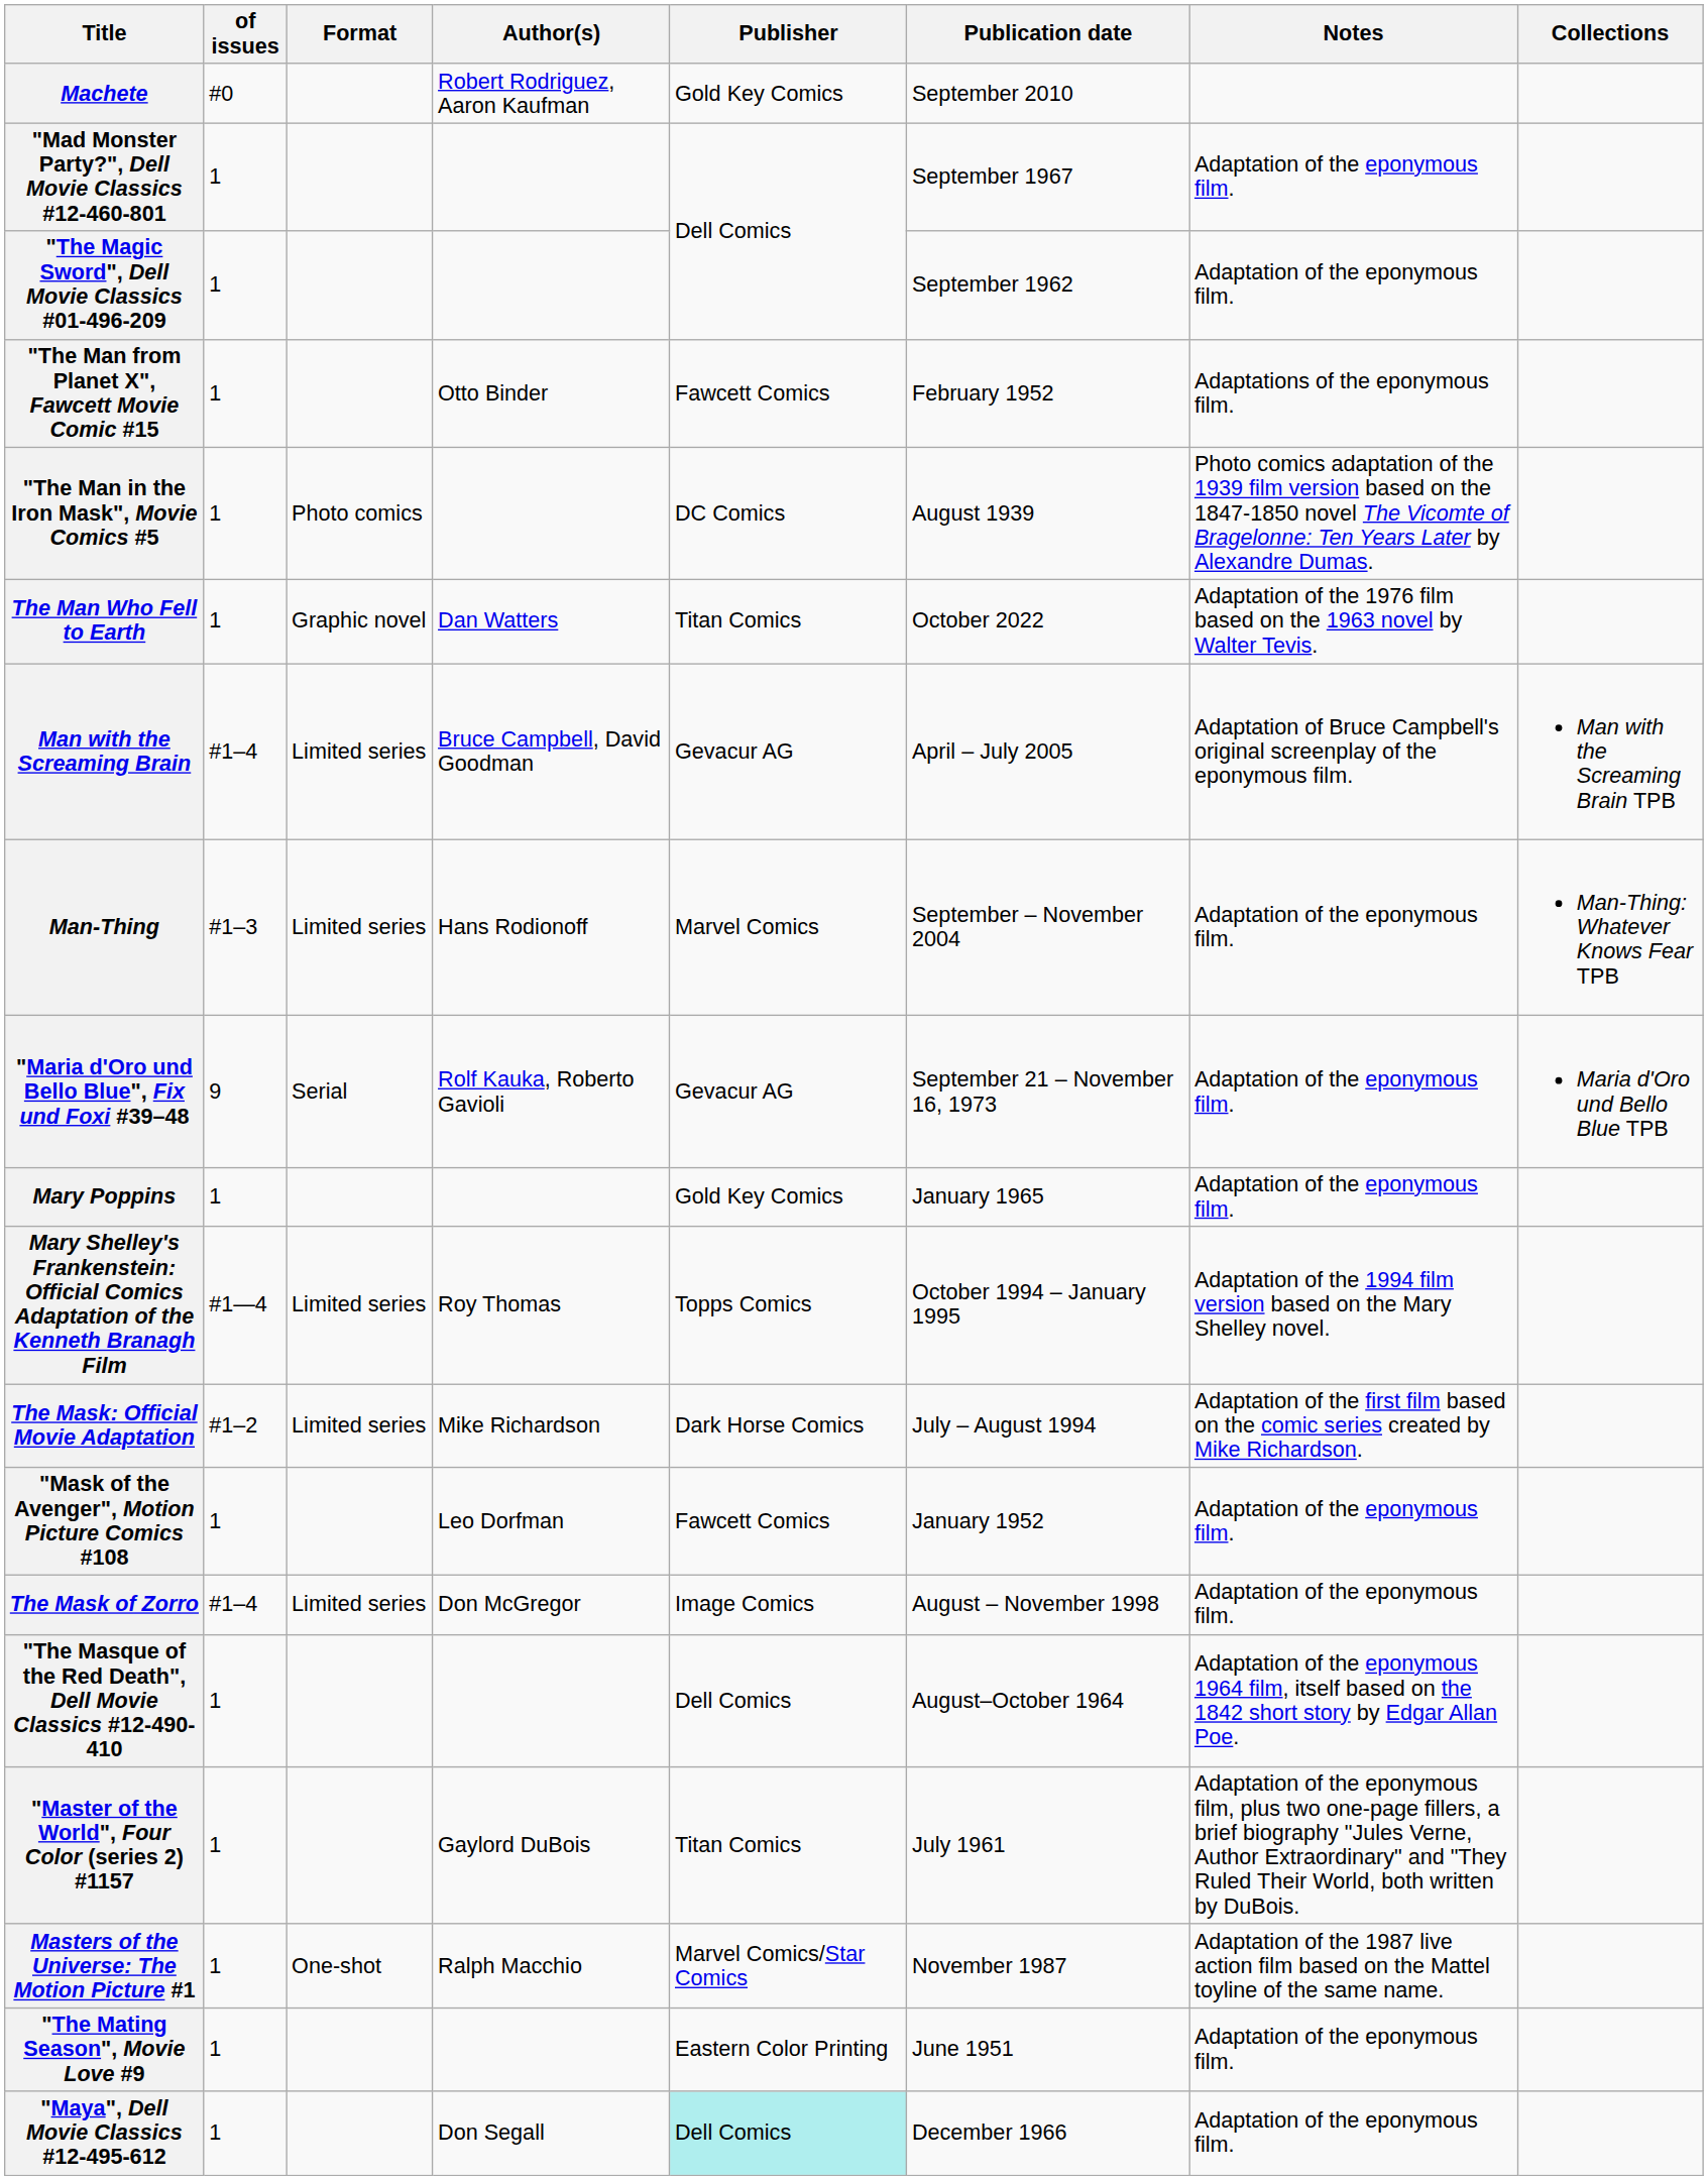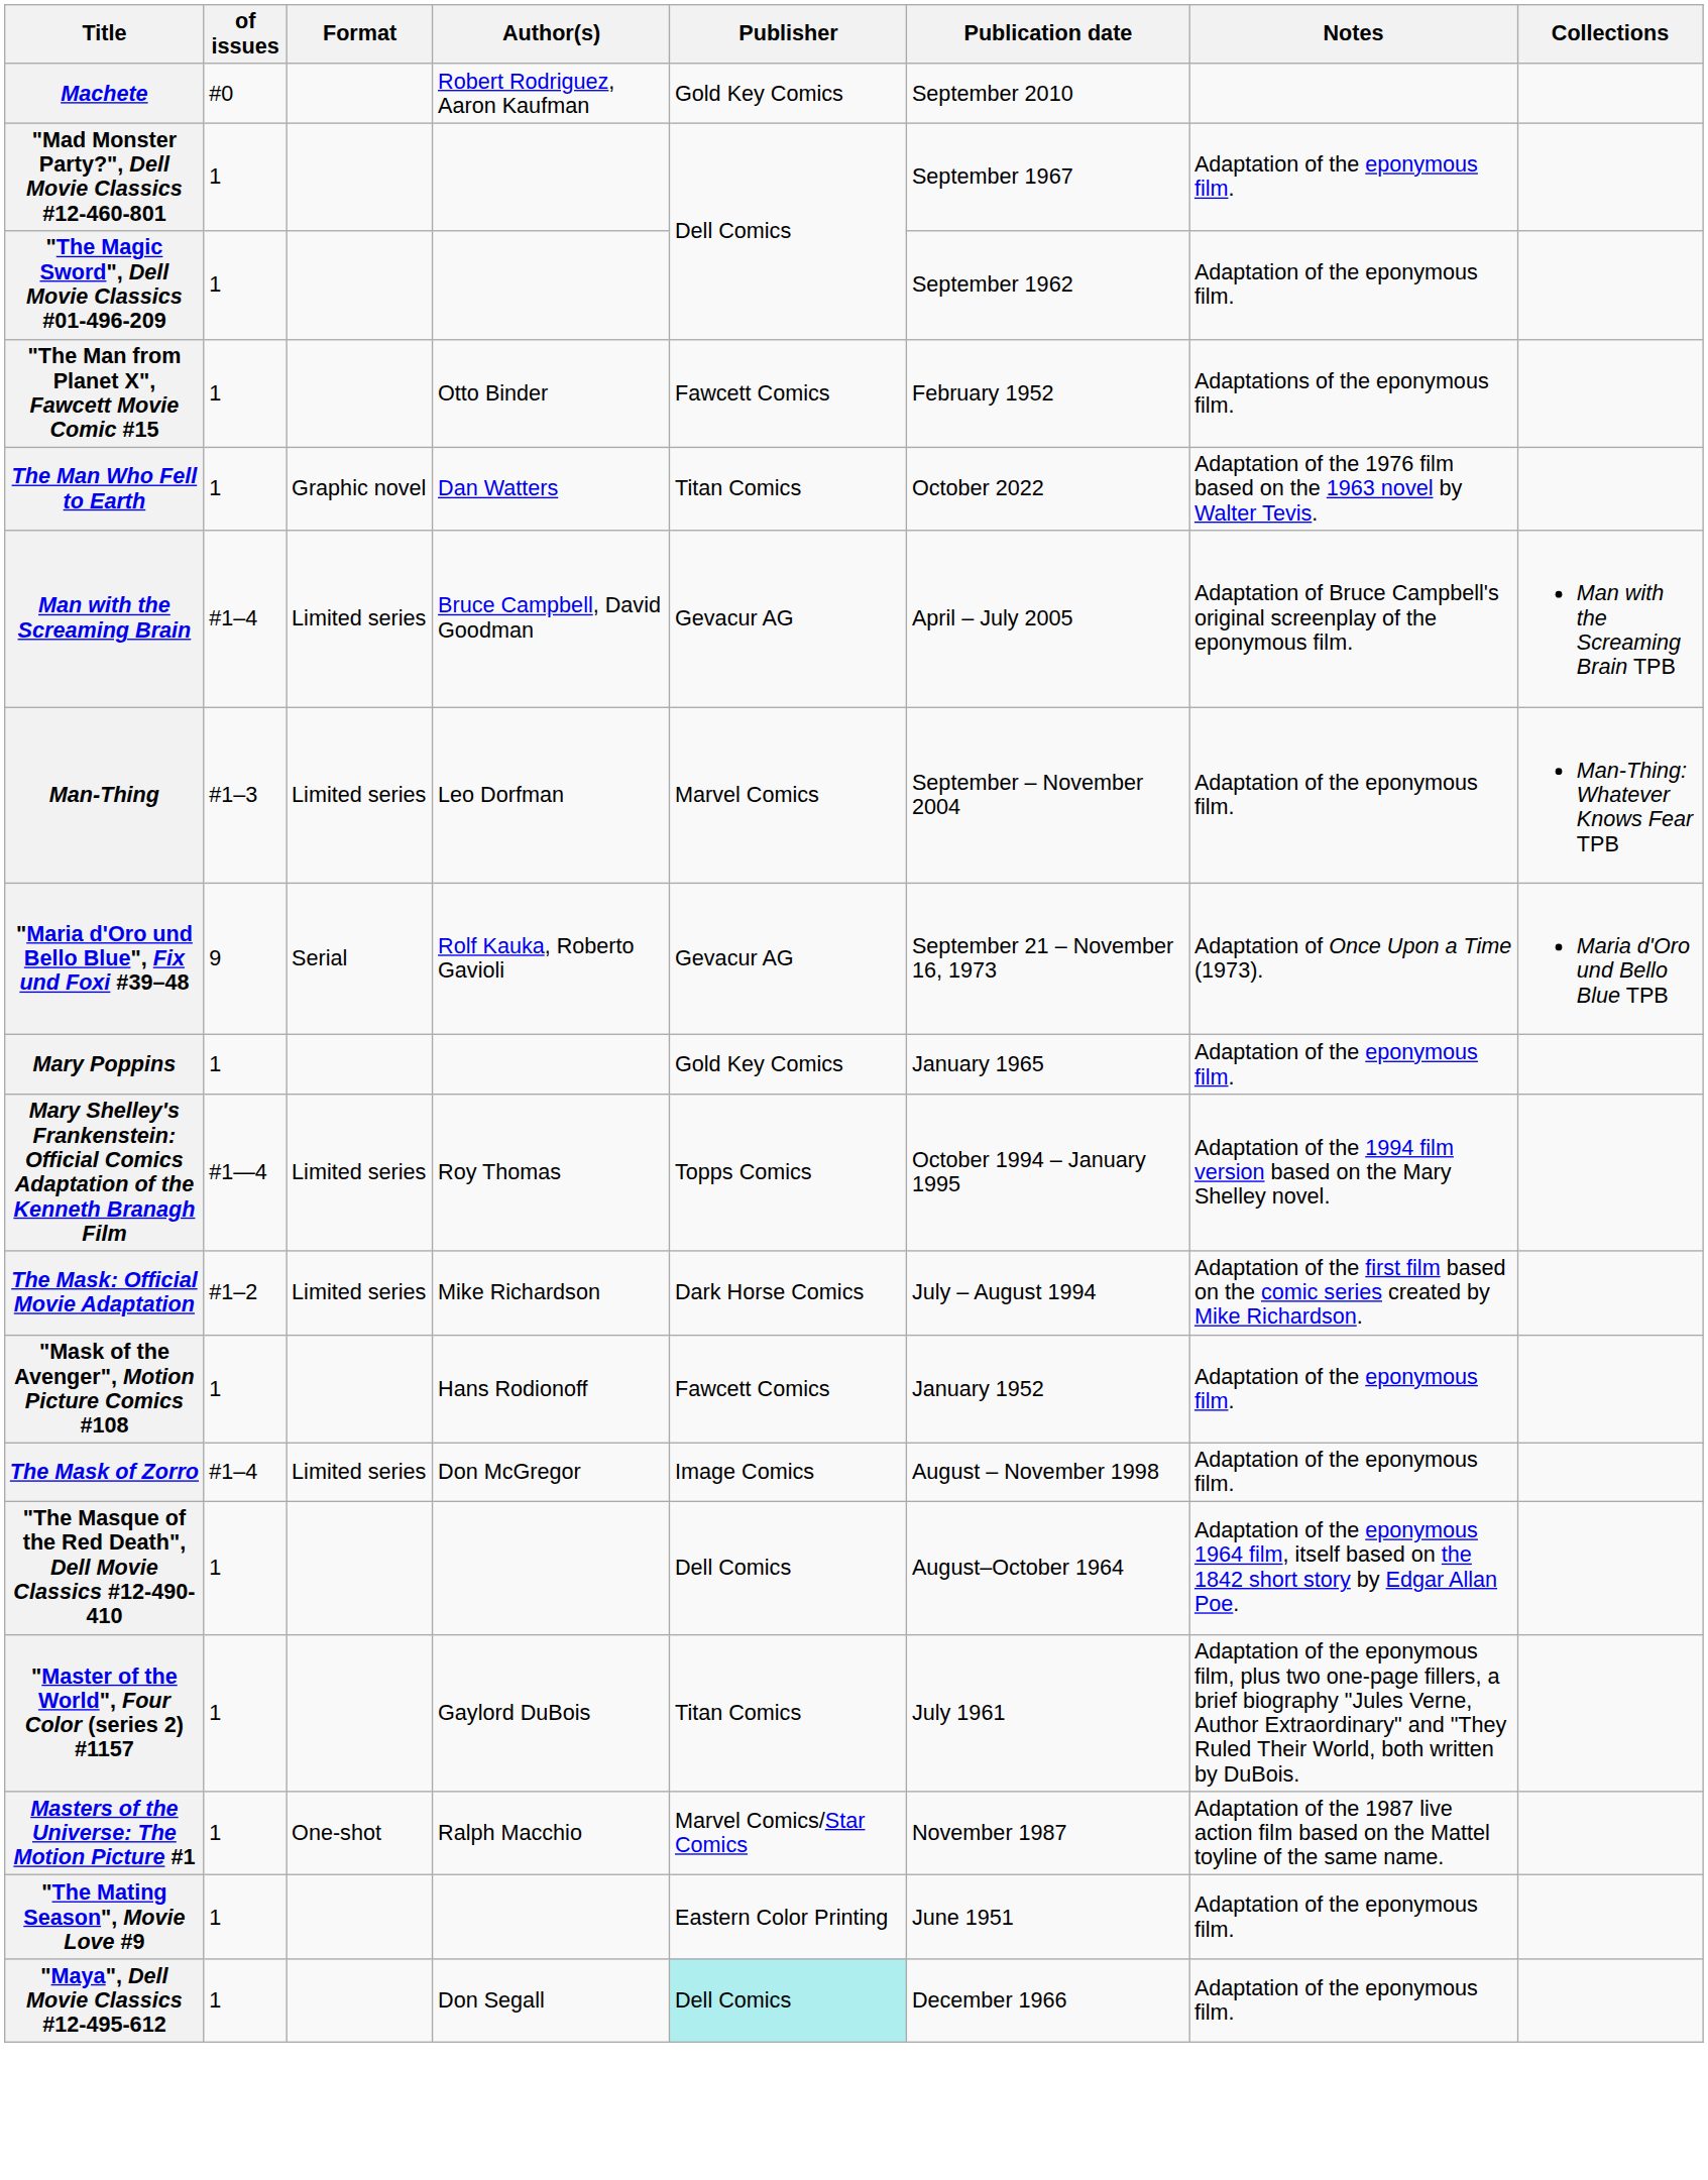 <table class="wikitable">
 <tr>
 <th>Title</th>
 <th style="width:40pt"> of issues</th>
 <th style="width:75pt">Format</th>
 <th style="width:125pt">Author(s)</th>
 <th style="width:125pt">Publisher</th>
 <th style="width:150pt">Publication date</th>
 <th style="width:175pt">Notes</th>
 <th>Collections</th>
 </tr>
 <tr>
 <th><em><a href='#'>Machete</a></em></th>
 <td>#0</td>
 <td></td>
 <td><a href='#'>Robert Rodriguez</a>, Aaron Kaufman</td>
 <td>Gold Key Comics</td>
 <td>September 2010</td>
 <td></td>
 <td></td>
 </tr>
 <tr>
 <th>"Mad Monster Party?", <em>Dell Movie Classics</em> #12-460-801</th>
 <td>1</td>
 <td></td>
 <td></td>
 <td rowspan="2">Dell Comics</td>
 <td>September 1967</td>
 <td>Adaptation of the <a href='#'>eponymous film</a>.</td>
 <td></td>
 </tr>
 <tr>
 <th>"<a href='#'>The Magic Sword</a>", <em>Dell Movie Classics</em> #01-496-209</th>
 <td>1</td>
 <td></td>
 <td></td>
 <td>September 1962</td>
 <td>Adaptation of the eponymous film.</td>
 <td></td>
 </tr>
 <tr>
 <th>"The Man from Planet X", <em>Fawcett Movie Comic</em> #15</th>
 <td>1</td>
 <td></td>
 <td>Otto Binder</td>
 <td>Fawcett Comics</td>
 <td>February 1952</td>
 <td>Adaptations of the eponymous film.</td>
 <td></td>
 </tr>
 <tr>
-<th>"The Man in the Iron Mask", <em>Movie Comics</em> #5</th>
-<td>1</td>
-<td>Photo comics</td>
-<td></td>
-<td>DC Comics</td>
-<td>August 1939</td>
-<td>Photo comics adaptation of the <a href='#'>1939 film version</a> based on the 1847-1850 novel <em><a href='#'>The Vicomte of Bragelonne: Ten Years Later</a></em> by <a href='#'>Alexandre Dumas</a>.</td>
-<td></td>
-</tr>
-<tr>
 <th><em><a href='#'>The Man Who Fell to Earth</a></em></th>
 <td>1</td>
 <td>Graphic novel</td>
 <td><a href='#'>Dan Watters</a></td>
 <td>Titan Comics</td>
 <td>October 2022</td>
 <td>Adaptation of the 1976 film based on the <a href='#'>1963 novel</a> by <a href='#'>Walter Tevis</a>.</td>
 <td></td>
 </tr>
 <tr>
 <th><em><a href='#'>Man with the Screaming Brain</a></em></th>
 <td>#1–4</td>
 <td>Limited series</td>
 <td><a href='#'>Bruce Campbell</a>, David Goodman</td>
 <td>Gevacur AG</td>
 <td>April – July 2005</td>
 <td>Adaptation of Bruce Campbell's original screenplay of the eponymous film.</td>
 <td><br><ul><li><em>Man with the Screaming Brain</em> TPB</li></ul></td>
 </tr>
 <tr>
 <th><em>Man-Thing</em></th>
 <td>#1–3</td>
 <td>Limited series</td>
-<td>Hans Rodionoff</td>
+<td>Leo Dorfman</td>
 <td>Marvel Comics</td>
 <td>September – November 2004</td>
 <td>Adaptation of the eponymous film.</td>
 <td><br><ul><li><em>Man-Thing: Whatever Knows Fear</em> TPB</li></ul></td>
 </tr>
 <tr>
 <th>"<a href='#'>Maria d'Oro und Bello Blue</a>", <em><a href='#'>Fix und Foxi</a></em> #39–48</th>
 <td>9</td>
 <td>Serial</td>
 <td><a href='#'>Rolf Kauka</a>, Roberto Gavioli</td>
 <td>Gevacur AG</td>
 <td>September 21 – November 16, 1973</td>
-<td>Adaptation of the <a href='#'>eponymous film</a>.</td>
+<td>Adaptation of <em>Once Upon a Time</em> (1973).</td>
 <td><br><ul><li><em>Maria d'Oro und Bello Blue</em> TPB</li></ul></td>
 </tr>
 <tr>
 <th><em>Mary Poppins</em></th>
 <td>1</td>
 <td></td>
 <td></td>
 <td>Gold Key Comics</td>
 <td>January 1965</td>
 <td>Adaptation of the <a href='#'>eponymous film</a>.</td>
 <td></td>
 </tr>
 <tr>
 <th><em>Mary Shelley's Frankenstein: Official Comics Adaptation of the <a href='#'>Kenneth Branagh</a> Film</em></th>
 <td>#1—4</td>
 <td>Limited series</td>
 <td>Roy Thomas</td>
 <td>Topps Comics</td>
 <td>October 1994 – January 1995</td>
 <td>Adaptation of the <a href='#'>1994 film version</a> based on the Mary Shelley novel.</td>
 <td></td>
 </tr>
 <tr>
 <th><em><a href='#'>The Mask: Official Movie Adaptation</a></em></th>
 <td>#1–2</td>
 <td>Limited series</td>
 <td>Mike Richardson</td>
 <td>Dark Horse Comics</td>
 <td>July – August 1994</td>
 <td>Adaptation of the <a href='#'>first film</a> based on the <a href='#'>comic series</a> created by <a href='#'>Mike Richardson</a>.</td>
 <td></td>
 </tr>
 <tr>
 <th>"Mask of the Avenger", <em>Motion Picture Comics</em> #108</th>
 <td>1</td>
 <td></td>
-<td>Leo Dorfman</td>
+<td>Hans Rodionoff</td>
 <td>Fawcett Comics</td>
 <td>January 1952</td>
 <td>Adaptation of the <a href='#'>eponymous film</a>.</td>
 <td></td>
 </tr>
 <tr>
 <th><em><a href='#'>The Mask of Zorro</a></em></th>
 <td>#1–4</td>
 <td>Limited series</td>
 <td>Don McGregor</td>
 <td>Image Comics</td>
 <td>August – November 1998</td>
 <td>Adaptation of the eponymous film.</td>
 <td></td>
 </tr>
 <tr>
 <th>"The Masque of the Red Death", <em>Dell Movie Classics</em> #12-490-410</th>
 <td>1</td>
 <td></td>
 <td></td>
 <td>Dell Comics</td>
 <td>August–October 1964</td>
 <td>Adaptation of the <a href='#'>eponymous 1964 film</a>, itself based on <a href='#'>the 1842 short story</a> by <a href='#'>Edgar Allan Poe</a>.</td>
 <td></td>
 </tr>
 <tr>
 <th>"<a href='#'>Master of the World</a>", <em>Four Color</em> (series 2) #1157</th>
 <td>1</td>
 <td></td>
 <td>Gaylord DuBois</td>
 <td>Titan Comics</td>
 <td>July 1961</td>
 <td>Adaptation of the eponymous film, plus two one-page fillers, a brief biography "Jules Verne, Author Extraordinary" and  "They Ruled Their World, both written by DuBois.</td>
 <td></td>
 </tr>
 <tr>
 <th><em><a href='#'>Masters of the Universe: The Motion Picture</a></em> #1</th>
 <td>1</td>
 <td>One-shot</td>
 <td>Ralph Macchio</td>
 <td>Marvel Comics/<a href='#'>Star Comics</a></td>
 <td>November 1987</td>
 <td>Adaptation of the 1987 live action film based on the Mattel toyline of the same name.</td>
 <td></td>
 </tr>
 <tr>
 <th>"<a href='#'>The Mating Season</a>", <em>Movie Love</em> #9</th>
 <td>1</td>
 <td></td>
 <td></td>
 <td>Eastern Color Printing</td>
 <td>June 1951</td>
 <td>Adaptation of the eponymous film.</td>
 <td></td>
 </tr>
 <tr>
 <th>"<a href='#'>Maya</a>", <em>Dell Movie Classics</em> #12-495-612</th>
 <td>1</td>
 <td></td>
 <td>Don Segall</td>
 <td style="background: paleturquoise;">Dell Comics</td>
 <td>December 1966</td>
 <td>Adaptation of the eponymous film.</td>
 <td></td>
 </tr>
 </table>
